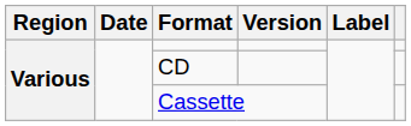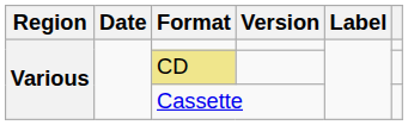 <table class="wikitable plainrowheaders">
 <tr>
 <th scope="col">Region</th>
 <th>Date</th>
 <th>Format</th>
 <th>Version</th>
 <th>Label</th>
 <th></th>
 </tr>
 <tr>
 <th rowspan="3" scope="row">Various</th>
 <td rowspan="3"></td>
 <td></td>
 <td></td>
 <td rowspan="3"></td>
 <td style="text-align:center"></td>
 </tr>
 <tr>
-<td>CD</td>
+<td style="background: khaki;">CD</td>
 <td></td>
 <td></td>
 </tr>
 <tr>
 <td colspan="2"><a href='#'>Cassette</a></td>
 <td></td>
 </tr>
 </table>
